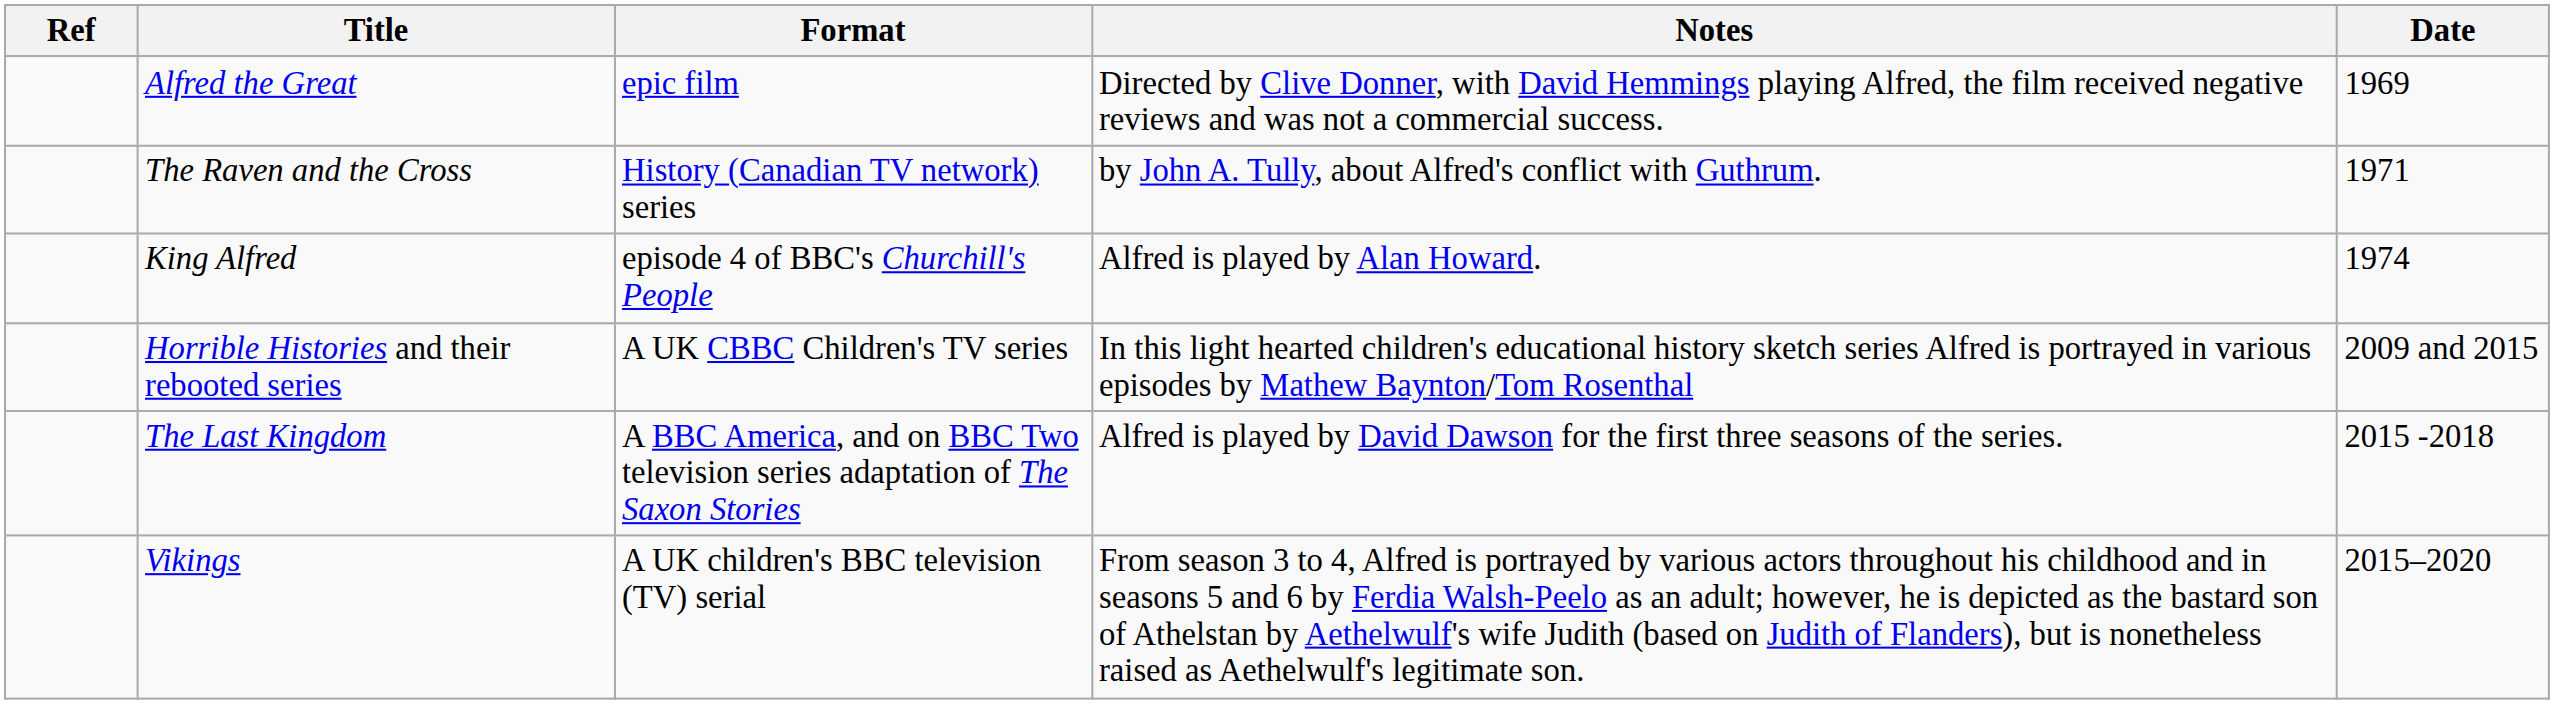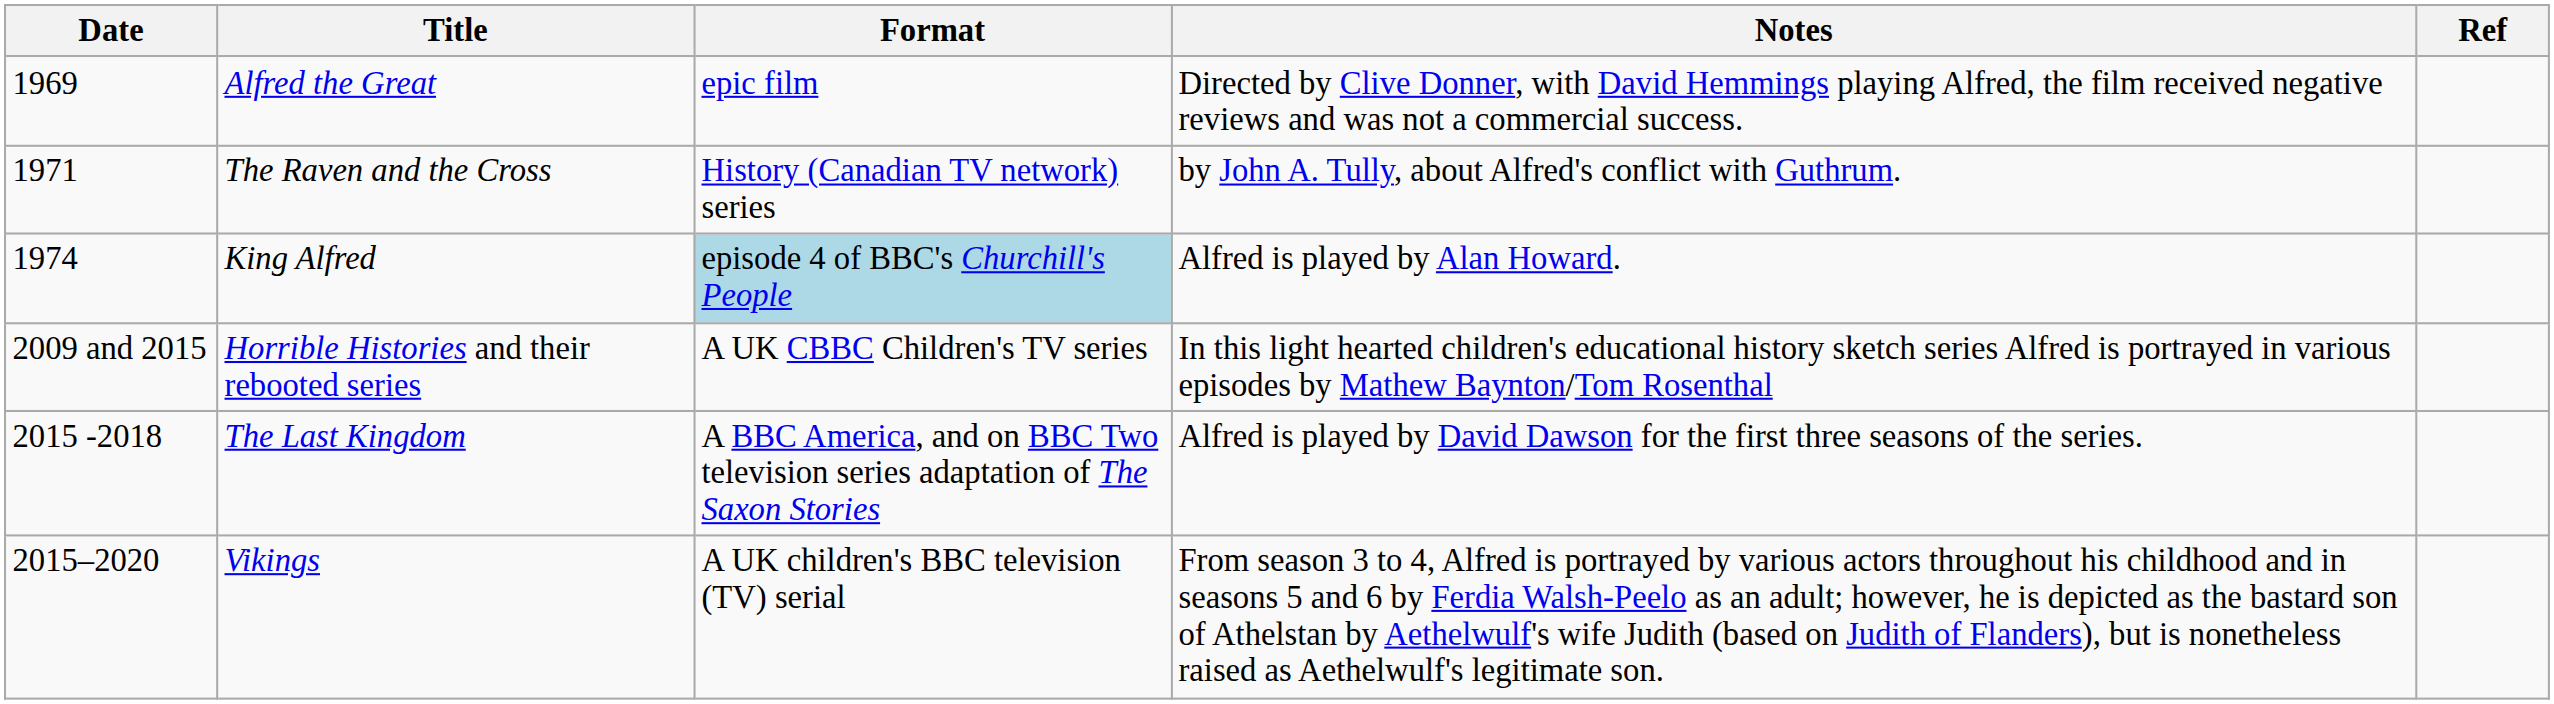 <table class=wikitable>
 <tr>
-<th width="5%">Ref</th>
+<th width="8%">Date</th>
 <th width="18%">Title</th>
 <th width="18%">Format</th>
 <th width="47%">Notes</th>
-<th width="8%">Date</th>
+<th width="5%">Ref</th>
 </tr>
 <tr valign="top">
-<td></td>
+<td>1969</td>
 <td><em><a href='#'>Alfred the Great</a></em></td>
 <td><a href='#'>epic film</a></td>
 <td>Directed by <a href='#'>Clive Donner</a>, with <a href='#'>David Hemmings</a> playing Alfred, the film received negative reviews and was not a commercial success.</td>
-<td>1969</td>
+<td></td>
 </tr>
 <tr valign="top">
-<td></td>
+<td>1971</td>
 <td><em>The Raven and the Cross</em></td>
 <td><a href='#'>History (Canadian TV network)</a> series</td>
 <td>by <a href='#'>John A. Tully</a>, about Alfred's conflict with <a href='#'>Guthrum</a>.</td>
-<td>1971</td>
+<td></td>
 </tr>
 <tr valign="top">
+<td>1974</td>
+<td><em>King Alfred</em></td>
+<td style="background: lightblue;">episode 4 of BBC's <em><a href='#'>Churchill's People</a></em></td>
+<td>Alfred is played by <a href='#'>Alan Howard</a>.</td>
 <td></td>
-<td><em>King Alfred</em></td>
-<td>episode 4 of BBC's <em><a href='#'>Churchill's People</a></em></td>
-<td>Alfred is played by <a href='#'>Alan Howard</a>.</td>
-<td>1974</td>
 </tr>
 <tr valign="top">
-<td></td>
+<td>2009 and 2015</td>
 <td><em><a href='#'>Horrible Histories</a></em> and their <a href='#'>rebooted series</a></td>
 <td>A UK <a href='#'>CBBC</a> Children's TV series</td>
 <td>In this light hearted children's educational history sketch series Alfred is portrayed in various episodes  by <a href='#'>Mathew Baynton</a>/<a href='#'>Tom Rosenthal</a></td>
-<td>2009 and 2015</td>
+<td></td>
 </tr>
 <tr valign="top">
-<td></td>
+<td>2015 -2018</td>
 <td><em><a href='#'>The Last Kingdom</a></em></td>
 <td>A <a href='#'>BBC America</a>, and on <a href='#'>BBC Two</a> television series adaptation of <em><a href='#'>The Saxon Stories</a></em></td>
 <td>Alfred is played by <a href='#'>David Dawson</a> for the first three seasons of the series.</td>
-<td>2015 -2018</td>
+<td></td>
 </tr>
 <tr valign="top">
-<td></td>
+<td>2015–2020</td>
 <td><em><a href='#'>Vikings</a></em></td>
 <td>A UK children's BBC television (TV) serial</td>
 <td>From season 3 to 4, Alfred is portrayed by various actors throughout his childhood and in seasons 5 and 6 by <a href='#'>Ferdia Walsh-Peelo</a> as an adult; however, he is depicted as the bastard son of Athelstan by <a href='#'>Aethelwulf</a>'s wife Judith (based on <a href='#'>Judith of Flanders</a>), but is nonetheless raised as Aethelwulf's legitimate son.</td>
-<td>2015–2020</td>
+<td></td>
 </tr>
 </table>
